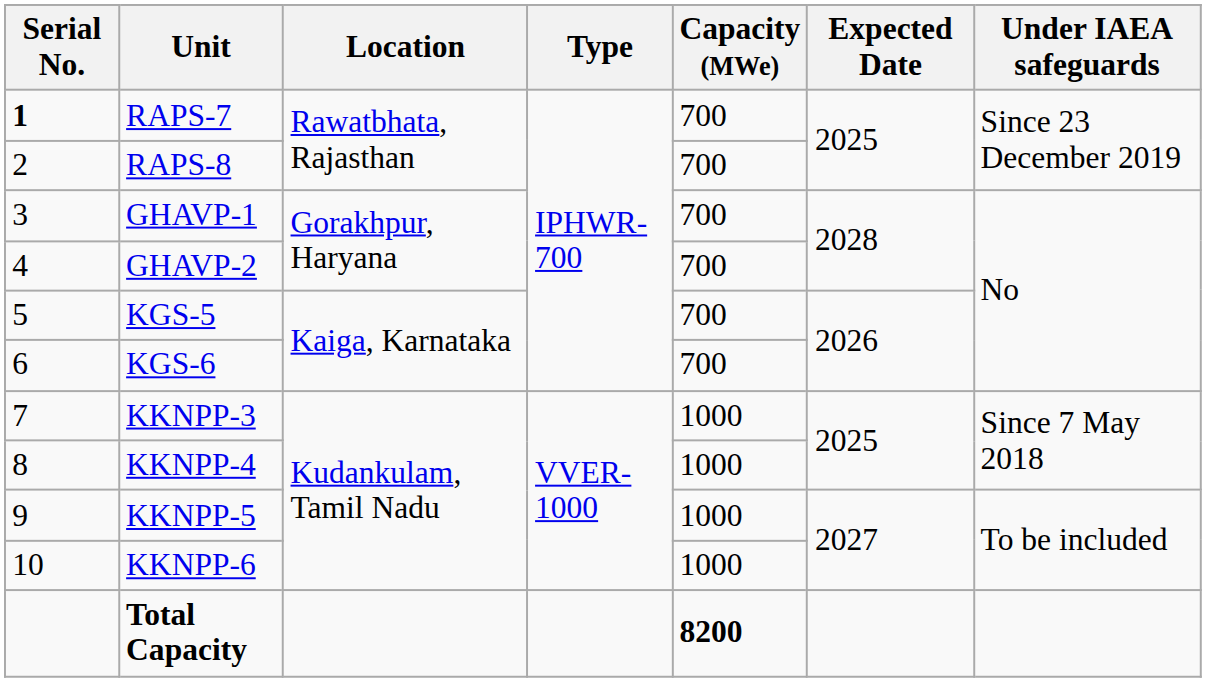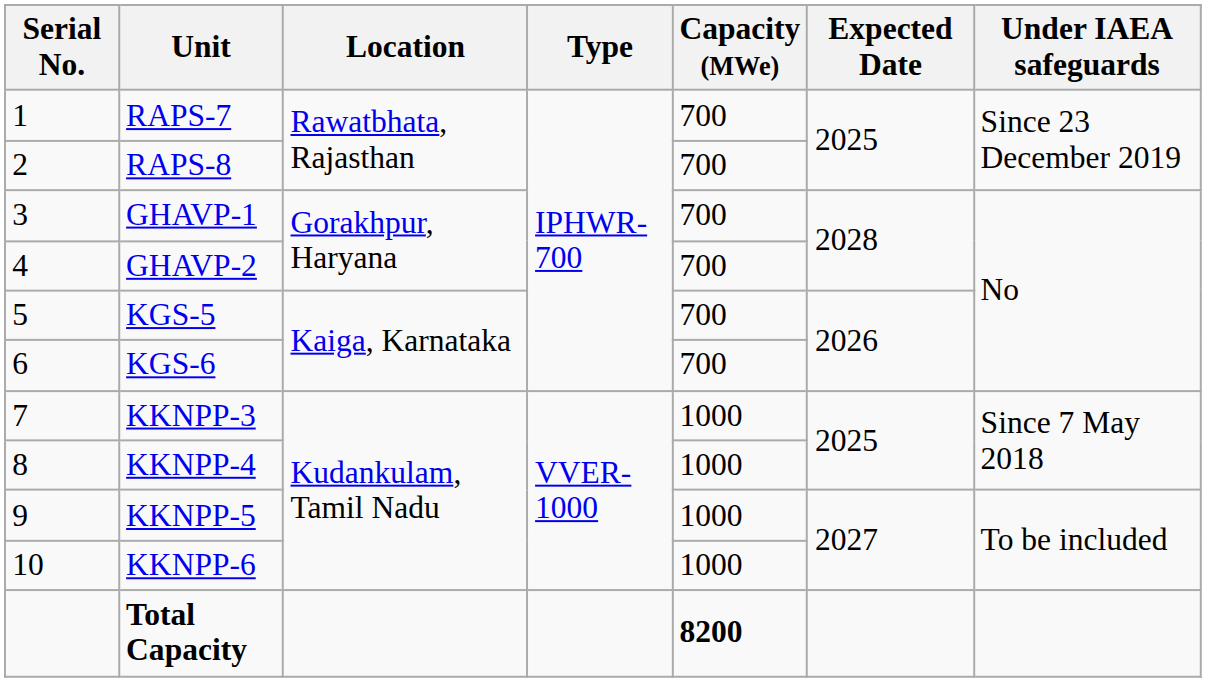 <table class="wikitable sortable">
 <tr>
 <th>Serial No.</th>
 <th>Unit</th>
 <th>Location</th>
 <th>Type</th>
 <th>Capacity<br><small>(MWe)</small></th>
 <th>Expected Date</th>
 <th>Under IAEA safeguards</th>
 </tr>
 <tr>
-<td><strong>1</strong></td>
+<td>1</td>
 <td><a href='#'>RAPS-7</a></td>
 <td rowspan="2"><a href='#'>Rawatbhata</a>, Rajasthan</td>
 <td rowspan='6'><a href='#'>IPHWR-700</a></td>
 <td>700</td>
 <td rowspan="2">2025</td>
 <td rowspan="2">Since 23 December 2019</td>
 </tr>
 <tr>
 <td>2</td>
 <td><a href='#'>RAPS-8</a></td>
 <td>700</td>
 </tr>
 <tr>
 <td>3</td>
 <td><a href='#'>GHAVP-1</a></td>
 <td rowspan="2"><a href='#'>Gorakhpur</a>, Haryana</td>
 <td>700</td>
 <td rowspan="2">2028</td>
 <td rowspan="4">No</td>
 </tr>
 <tr>
 <td>4</td>
 <td><a href='#'>GHAVP-2</a></td>
 <td>700</td>
 </tr>
 <tr>
 <td>5</td>
 <td><a href='#'>KGS-5</a></td>
 <td rowspan="2"><a href='#'>Kaiga</a>, Karnataka</td>
 <td>700</td>
 <td rowspan="2">2026</td>
 </tr>
 <tr>
 <td>6</td>
 <td><a href='#'>KGS-6</a></td>
 <td>700</td>
 </tr>
 <tr>
 <td>7</td>
 <td><a href='#'>KKNPP-3</a></td>
 <td rowspan="4"><a href='#'>Kudankulam</a>, Tamil Nadu</td>
 <td rowspan="4"><a href='#'>VVER-1000</a></td>
 <td>1000</td>
 <td rowspan="2">2025</td>
 <td rowspan="2">Since 7 May 2018</td>
 </tr>
 <tr>
 <td>8</td>
 <td><a href='#'>KKNPP-4</a></td>
 <td>1000</td>
 </tr>
 <tr>
 <td>9</td>
 <td><a href='#'>KKNPP-5</a></td>
 <td>1000</td>
 <td rowspan="2">2027</td>
 <td rowspan="2">To be included</td>
 </tr>
 <tr>
 <td>10</td>
 <td><a href='#'>KKNPP-6</a></td>
 <td>1000</td>
 </tr>
 <tr class="sortbottom">
 <td></td>
 <td><strong>Total Capacity</strong></td>
 <td></td>
 <td></td>
 <td><strong>8200</strong></td>
 <td></td>
 <td></td>
 </tr>
 </table>
